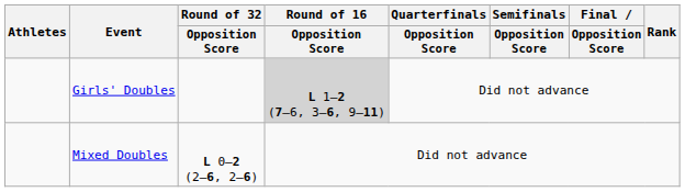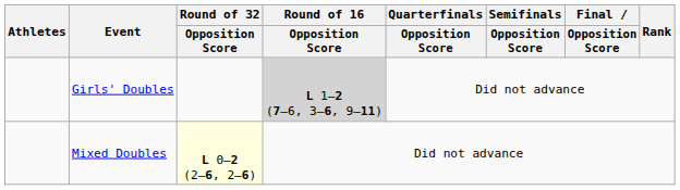 <table class=wikitable style="font-size:90%">
 <tr>
 <th rowspan="2">Athletes</th>
 <th rowspan="2">Event</th>
 <th>Round of 32</th>
 <th>Round of 16</th>
 <th>Quarterfinals</th>
 <th>Semifinals</th>
 <th>Final / </th>
 <th rowspan=2>Rank</th>
 </tr>
 <tr style="font-size:95%">
 <th>Opposition<br>Score</th>
 <th>Opposition<br>Score</th>
 <th>Opposition<br>Score</th>
 <th>Opposition<br>Score</th>
 <th>Opposition<br>Score</th>
 </tr>
 <tr align=center>
 <td align=left><br></td>
 <td align=left><a href='#'>Girls' Doubles</a></td>
 <td></td>
 <td align=center style="background: lightgrey;"><br><br><strong>L</strong> 1–<strong>2</strong><br> (<strong>7</strong>–6, 3–<strong>6</strong>, 9–<strong>11</strong>)</td>
 <td colspan=4 align=center>Did not advance</td>
 </tr>
 <tr align=center>
 <td align=left><br></td>
 <td align=left><a href='#'>Mixed Doubles</a></td>
-<td align=center><br><br><strong>L</strong> 0–<strong>2</strong><br> (2–<strong>6</strong>, 2–<strong>6</strong>)</td>
+<td align=center style="background: lightyellow;"><br><br><strong>L</strong> 0–<strong>2</strong><br> (2–<strong>6</strong>, 2–<strong>6</strong>)</td>
 <td colspan=5 align=center>Did not advance</td>
 </tr>
 </table>
